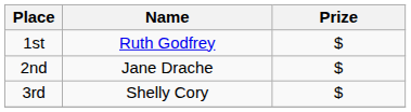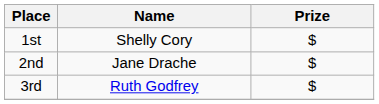 <table class="wikitable">
 <tr>
 <th width="50">Place</th>
 <th width="200">Name</th>
 <th width="125">Prize</th>
 </tr>
 <tr>
 <td align = "center">1st</td>
-<td align = "center"><a href='#'>Ruth Godfrey</a></td>
+<td align = "center">Shelly Cory</td>
 <td align = "center">$</td>
 </tr>
 <tr>
 <td align = "center">2nd</td>
 <td align = "center">Jane Drache</td>
 <td align = "center">$</td>
 </tr>
 <tr>
 <td align = "center">3rd</td>
-<td align = "center">Shelly Cory</td>
+<td align = "center"><a href='#'>Ruth Godfrey</a></td>
 <td align = "center">$</td>
 </tr>
 <tr>
 </tr>
 </table>
